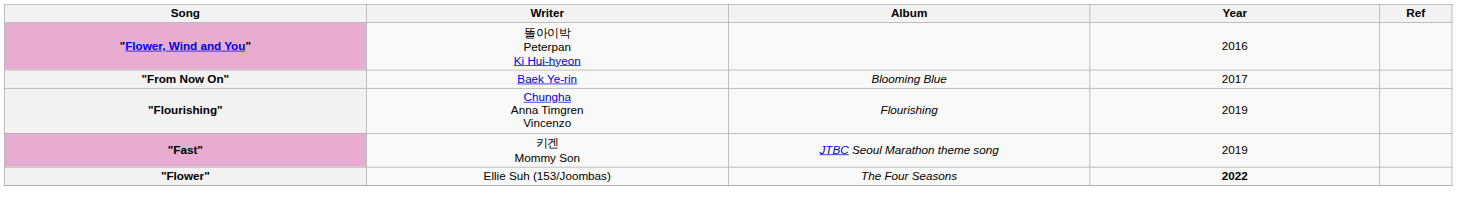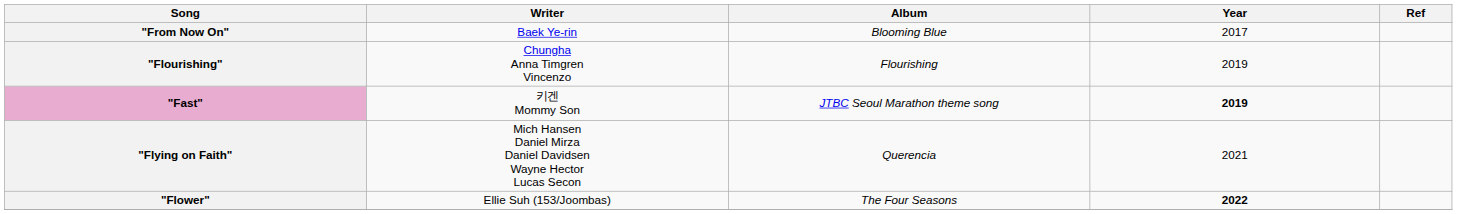 <table class="wikitable" style="text-align:center; width:100%">
 <tr>
 <th style="width:25%">Song</th>
 <th style="width:25%">Writer</th>
 <th style="width:25%">Album</th>
 <th style="width:20%">Year</th>
 <th style="width:5%">Ref</th>
-</tr>
-<tr>
-<th scope="row" style="background-color:#E7ACCF">"<a href='#'>Flower, Wind and You</a>" <br> </th>
-<td>똘아이박<br>Peterpan<br><a href='#'>Ki Hui-hyeon</a></td>
-<td></td>
-<td>2016</td>
-<td></td>
 </tr>
 <tr>
 <th scope="row">"From Now On"</th>
 <td><a href='#'>Baek Ye-rin</a></td>
 <td><em>Blooming Blue</em></td>
 <td>2017</td>
 <td></td>
 </tr>
 <tr>
 <th scope="row">"Flourishing"</th>
 <td><a href='#'>Chungha</a><br>Anna Timgren<br>Vincenzo</td>
 <td><em>Flourishing</em></td>
 <td>2019</td>
 <td></td>
 </tr>
 <tr>
 <th scope="row" style="background-color:#E7ACCF">"Fast" <br> </th>
 <td>키겐<br>Mommy Son</td>
 <td><em><a href='#'>JTBC</a> Seoul Marathon theme song</em></td>
-<td>2019</td>
+<td><strong>2019</strong></td>
+<td></td>
+</tr>
+<tr>
+<th scope="row">"Flying on Faith"</th>
+<td>Mich Hansen<br>Daniel Mirza<br>Daniel Davidsen<br>Wayne Hector<br>Lucas Secon</td>
+<td><em>Querencia</em></td>
+<td rowspan="1">2021</td>
 <td></td>
 </tr>
 <tr>
 <th scope="row">"Flower"<br></th>
 <td>Ellie Suh (153/Joombas)</td>
 <td><em>The Four Seasons</em></td>
 <td rowspan="1"><strong>2022</strong></td>
 <td></td>
 </tr>
 <tr>
 </tr>
 </table>
